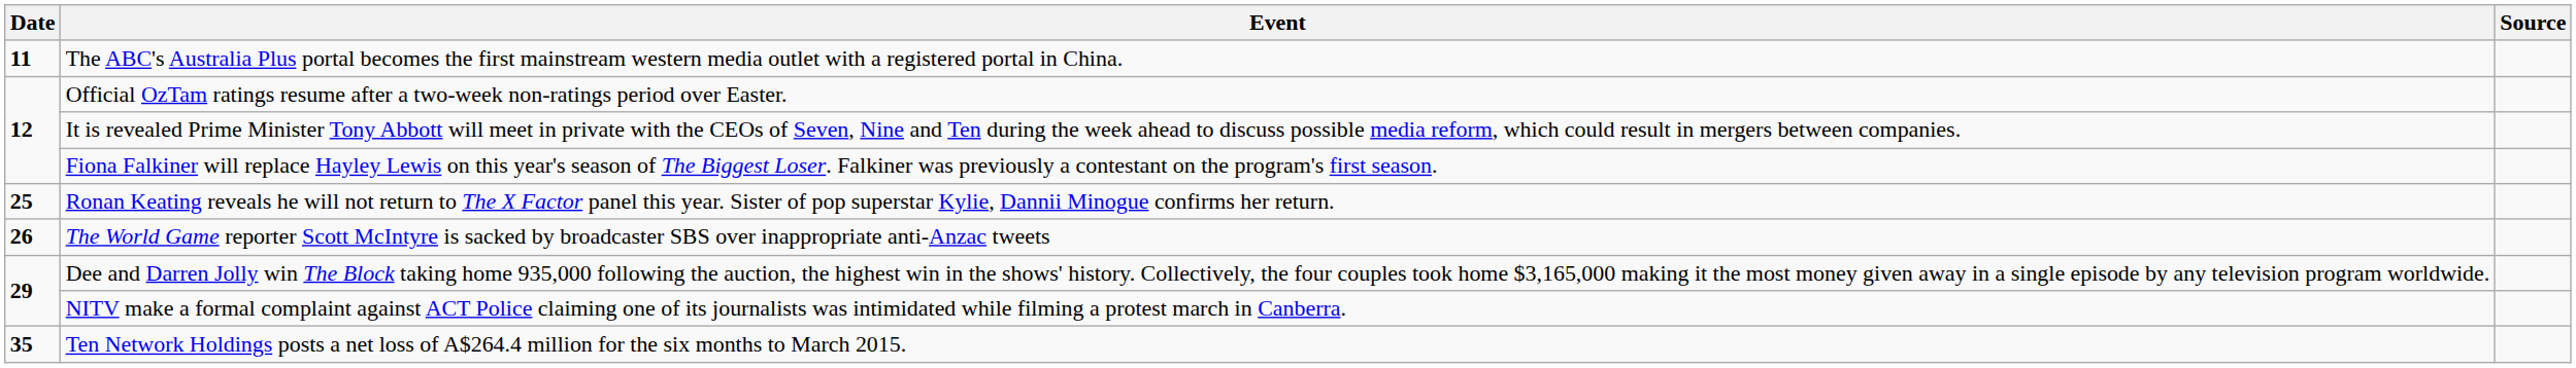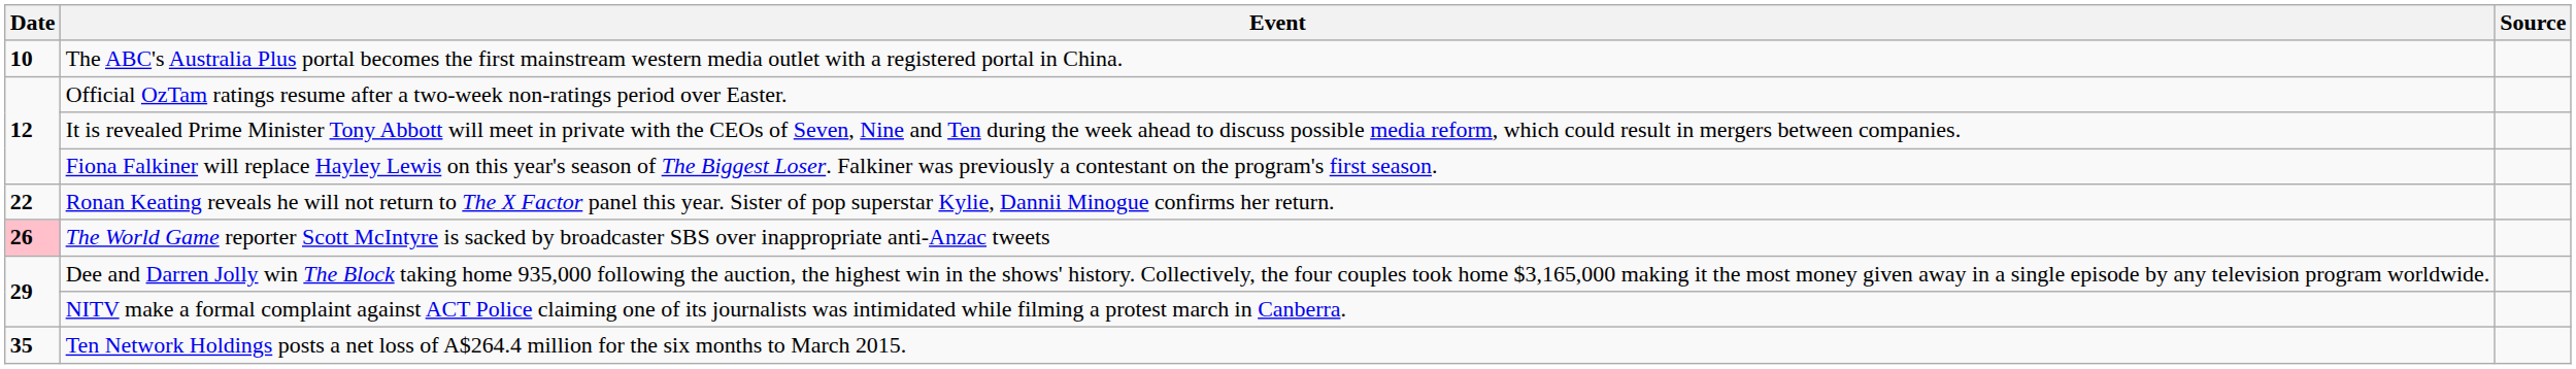 <table class="wikitable">
 <tr>
 <th>Date</th>
 <th>Event</th>
 <th>Source</th>
 </tr>
 <tr>
-<td><strong>11</strong></td>
+<td><strong>10</strong></td>
 <td>The <a href='#'>ABC</a>'s <a href='#'>Australia Plus</a> portal becomes the first mainstream western media outlet with a registered portal in China.</td>
 <td></td>
 </tr>
 <tr>
 <td rowspan="3"><strong>12</strong></td>
 <td>Official <a href='#'>OzTam</a> ratings resume after a two-week non-ratings period over Easter.</td>
 <td></td>
 </tr>
 <tr>
 <td>It is revealed Prime Minister <a href='#'>Tony Abbott</a> will meet in private with the CEOs of <a href='#'>Seven</a>, <a href='#'>Nine</a> and <a href='#'>Ten</a> during the week ahead to discuss possible <a href='#'>media reform</a>, which could result in mergers between companies.</td>
 <td></td>
 </tr>
 <tr>
 <td><a href='#'>Fiona Falkiner</a> will replace <a href='#'>Hayley Lewis</a> on this year's season of <em><a href='#'>The Biggest Loser</a></em>. Falkiner was previously a contestant on the program's <a href='#'>first season</a>.</td>
 <td></td>
 </tr>
 <tr>
-<td><strong>25</strong></td>
+<td><strong>22</strong></td>
 <td><a href='#'>Ronan Keating</a> reveals he will not return to <em><a href='#'>The X Factor</a></em> panel this year. Sister of pop superstar <a href='#'>Kylie</a>, <a href='#'>Dannii Minogue</a> confirms her return.</td>
 <td></td>
 </tr>
 <tr>
-<td><strong>26</strong></td>
+<td style="background: pink;"><strong>26</strong></td>
 <td><em><a href='#'>The World Game</a></em> reporter <a href='#'>Scott McIntyre</a> is sacked by broadcaster SBS over inappropriate anti-<a href='#'>Anzac</a> tweets</td>
 <td></td>
 </tr>
 <tr>
 <td rowspan="2"><strong>29</strong></td>
 <td>Dee and <a href='#'>Darren Jolly</a> win <em><a href='#'>The Block</a></em> taking home 935,000 following the auction, the highest win in the shows' history. Collectively, the four couples took home $3,165,000 making it the most money given away in a single episode by any television program worldwide.</td>
 <td></td>
 </tr>
 <tr>
 <td><a href='#'>NITV</a> make a formal complaint against <a href='#'>ACT Police</a> claiming one of its journalists was intimidated while filming a protest march in <a href='#'>Canberra</a>.</td>
 <td></td>
 </tr>
 <tr>
 <td><strong>35</strong></td>
 <td><a href='#'>Ten Network Holdings</a> posts a net loss of A$264.4 million for the six months to March 2015.</td>
 <td></td>
 </tr>
 </table>
